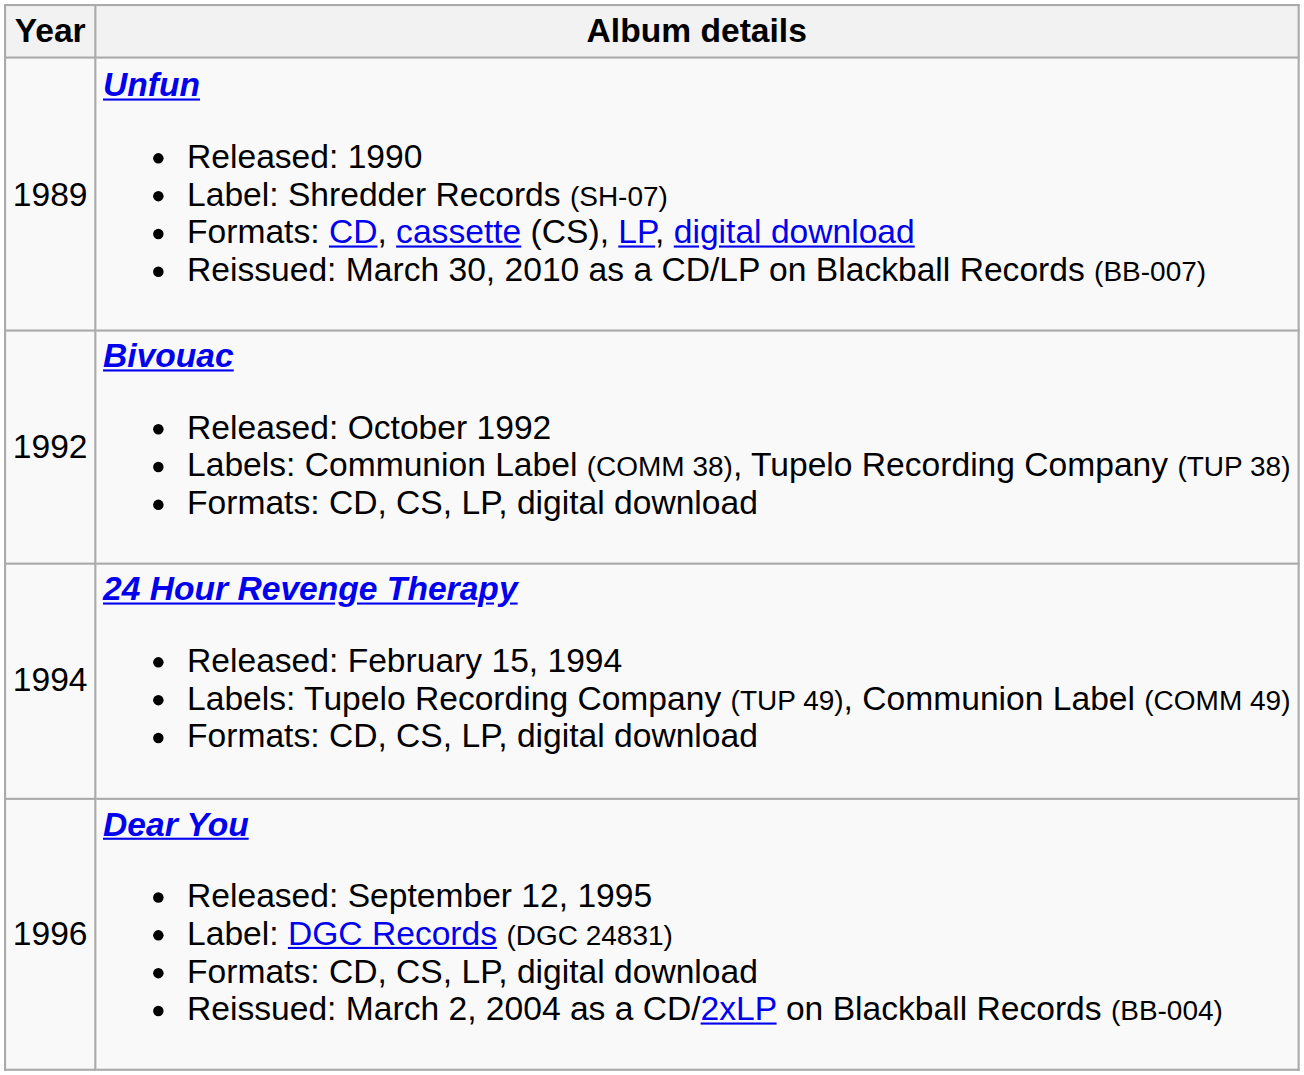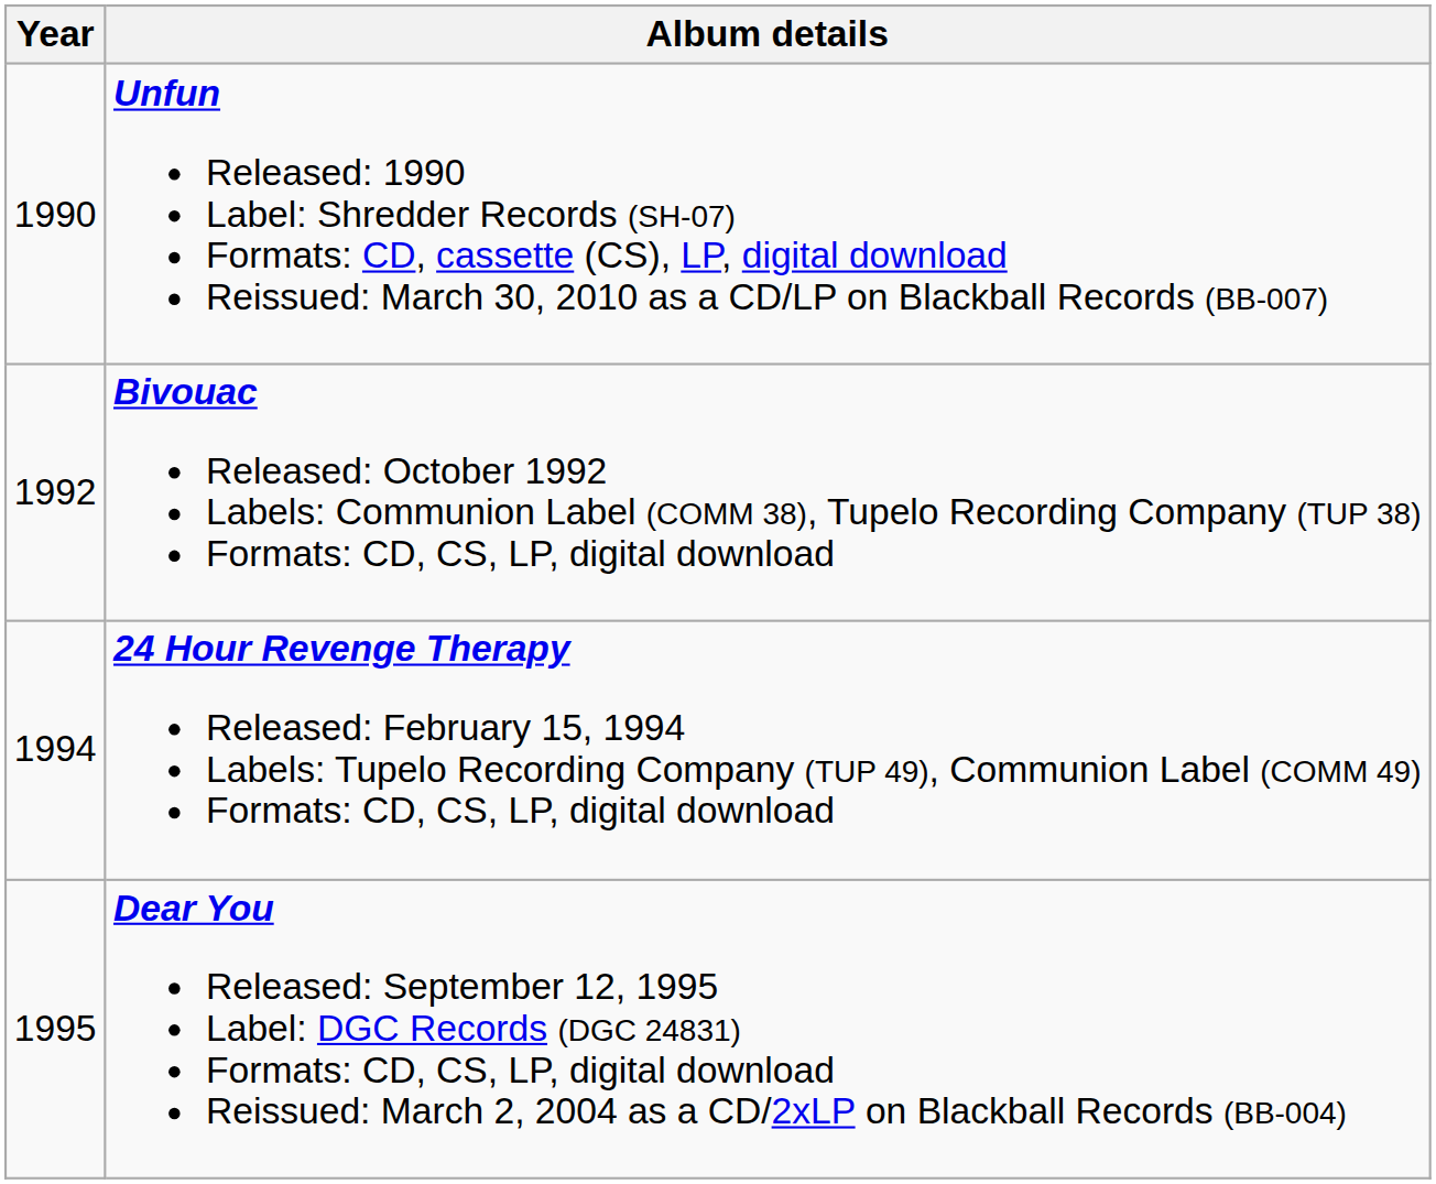 <table class="wikitable">
 <tr>
 <th>Year</th>
 <th>Album details</th>
 </tr>
 <tr>
-<td>1989</td>
+<td>1990</td>
 <td><strong><em><a href='#'>Unfun</a></em></strong><br><ul><li>Released: 1990</li><li>Label: Shredder Records <small>(SH-07)</small></li><li>Formats: <a href='#'>CD</a>, <a href='#'>cassette</a> (CS), <a href='#'>LP</a>, <a href='#'>digital download</a></li><li>Reissued: March 30, 2010 as a CD/LP on Blackball Records <small>(BB-007)</small></li></ul></td>
 </tr>
 <tr>
 <td>1992</td>
 <td><strong><em><a href='#'>Bivouac</a></em></strong><br><ul><li>Released: October 1992</li><li>Labels: Communion Label <small>(COMM 38)</small>, Tupelo Recording Company <small>(TUP 38)</small></li><li>Formats: CD, CS, LP, digital download</li></ul></td>
 </tr>
 <tr>
 <td>1994</td>
 <td><strong><em><a href='#'>24 Hour Revenge Therapy</a></em></strong><br><ul><li>Released: February 15, 1994</li><li>Labels: Tupelo Recording Company <small>(TUP 49)</small>, Communion Label <small>(COMM 49)</small></li><li>Formats: CD, CS, LP, digital download</li></ul></td>
 </tr>
 <tr>
-<td>1996</td>
+<td>1995</td>
 <td><strong><em><a href='#'>Dear You</a></em></strong><br><ul><li>Released: September 12, 1995</li><li>Label: <a href='#'>DGC Records</a> <small>(DGC 24831)</small></li><li>Formats: CD, CS, LP, digital download</li><li>Reissued: March 2, 2004 as a CD/<a href='#'>2xLP</a> on Blackball Records <small>(BB-004)</small></li></ul></td>
 </tr>
 </table>
